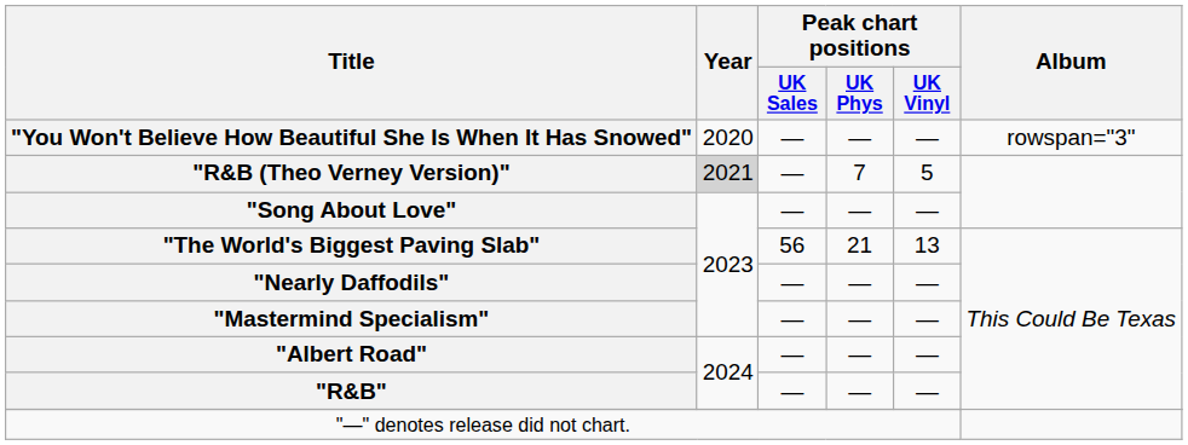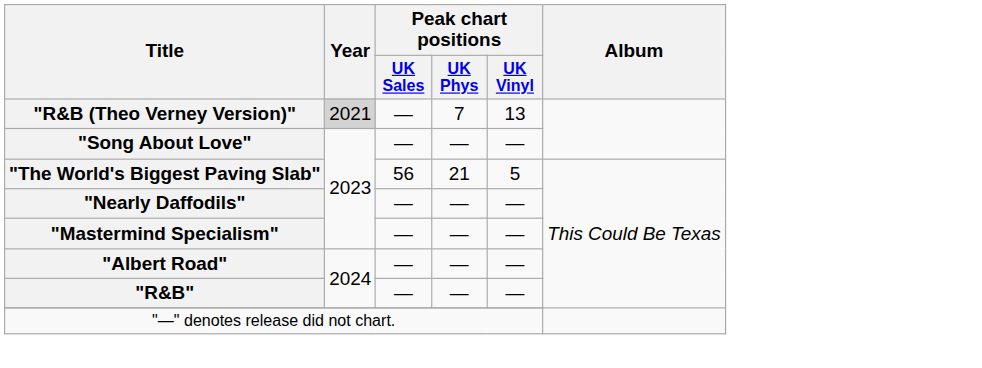 <table class="wikitable plainrowheaders" style="text-align:center;">
 <tr>
 <th scope="col" rowspan="2">Title</th>
 <th scope="col" rowspan="2">Year</th>
 <th scope="col" colspan="3">Peak chart positions</th>
 <th scope="col" rowspan="2">Album</th>
 </tr>
 <tr>
 <th scope="col" style="width:3em;font-size:85%"><a href='#'>UK<br>Sales</a><br></th>
 <th scope="col" style="width:3em;font-size:85%;"><a href='#'>UK<br>Phys</a><br></th>
 <th scope="col" style="width:3em;font-size:85%;"><a href='#'>UK<br>Vinyl</a><br></th>
 </tr>
 <tr>
-<th scope="row">"You Won't Believe How Beautiful She Is When It Has Snowed"</th>
-<td rowspan="1">2020</td>
-<td>—</td>
-<td>—</td>
-<td>—</td>
-<td>rowspan="3" </td>
-</tr>
-<tr>
 <th scope="row">"R&B (Theo Verney Version)"</th>
 <td rowspan="1" style="background: lightgrey;">2021</td>
 <td>—</td>
 <td>7</td>
-<td>5</td>
+<td>13</td>
 </tr>
 <tr>
 <th scope="row">"Song About Love"</th>
 <td rowspan="4">2023</td>
 <td>—</td>
 <td>—</td>
 <td>—</td>
 </tr>
 <tr>
 <th scope="row">"The World's Biggest Paving Slab"</th>
 <td>56</td>
 <td>21</td>
-<td>13</td>
+<td>5</td>
 <td rowspan="5"><em>This Could Be Texas</em></td>
 </tr>
 <tr>
 <th scope="row">"Nearly Daffodils"</th>
 <td>—</td>
 <td>—</td>
 <td>—</td>
 </tr>
 <tr>
 <th scope="row">"Mastermind Specialism"</th>
 <td>—</td>
 <td>—</td>
 <td>—</td>
 </tr>
 <tr>
 <th scope="row">"Albert Road"</th>
 <td rowspan="2">2024</td>
 <td>—</td>
 <td>—</td>
 <td>—</td>
 </tr>
 <tr>
 <th scope="row">"R&B"</th>
 <td>—</td>
 <td>—</td>
 <td>—</td>
 </tr>
 <tr>
 </tr>
 <tr>
 <td colspan="5" style="font-size:85%">"—" denotes release did not chart.</td>
 </tr>
 </table>
